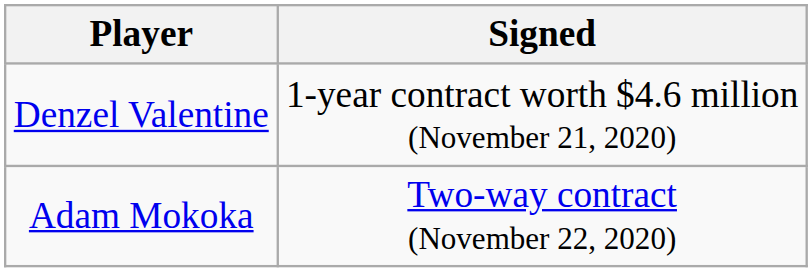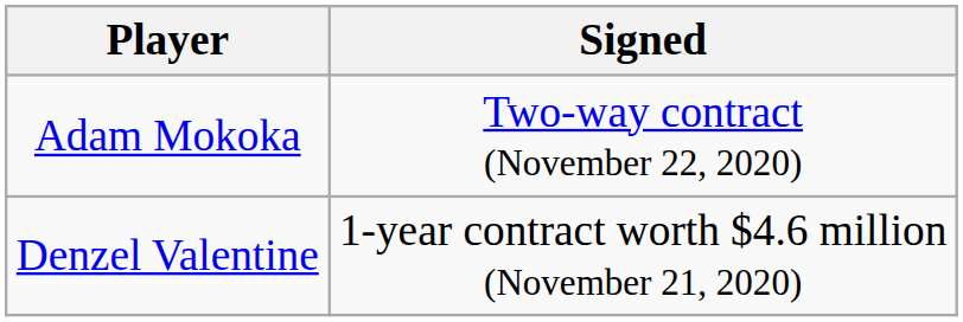 <table class="wikitable sortable sortable" style="text-align: center">
 <tr>
 <th>Player</th>
 <th>Signed</th>
 </tr>
 <tr>
+<td><a href='#'>Adam Mokoka</a></td>
+<td><a href='#'>Two-way contract</a><br><small>(November 22, 2020)</small></td>
+</tr>
+<tr>
 <td><a href='#'>Denzel Valentine</a></td>
 <td>1-year contract worth $4.6 million<br><small>(November 21, 2020)</small></td>
 </tr>
-<tr>
-<td><a href='#'>Adam Mokoka</a></td>
-<td><a href='#'>Two-way contract</a><br><small>(November 22, 2020)</small></td>
-</tr>
 </table>
